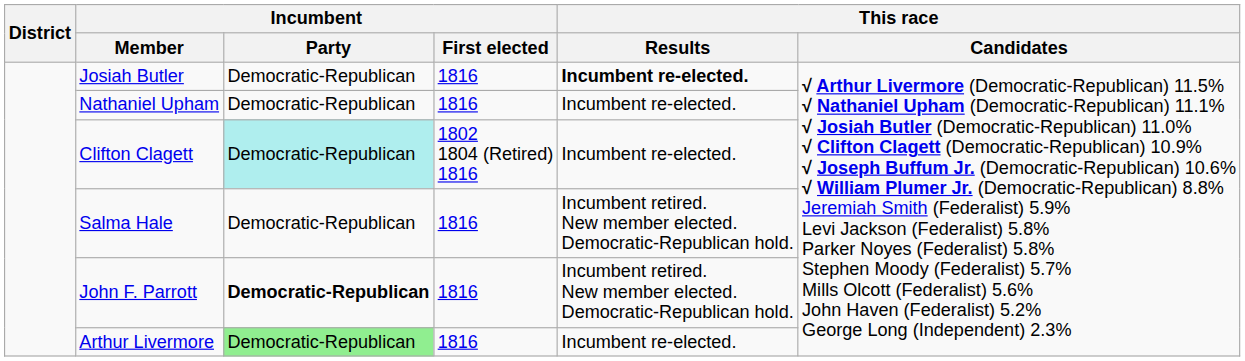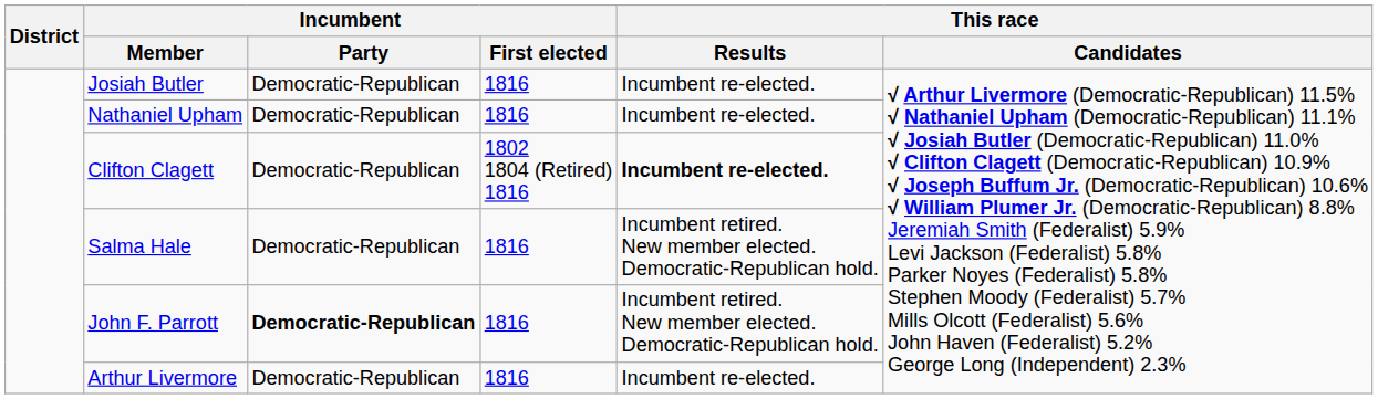 <table class=wikitable>
 <tr>
 <th rowspan=2>District</th>
 <th colspan=3>Incumbent</th>
 <th colspan=2>This race</th>
 </tr>
 <tr>
 <th>Member</th>
 <th>Party</th>
 <th>First elected</th>
 <th>Results</th>
 <th>Candidates</th>
 </tr>
 <tr>
 <td rowspan=6><br></td>
 <td><a href='#'>Josiah Butler</a></td>
 <td>Democratic-Republican</td>
 <td><a href='#'>1816</a></td>
-<td><strong>Incumbent re-elected.</strong></td>
+<td>Incumbent re-elected.</td>
 <td rowspan=6 nowrap><strong>√ <a href='#'>Arthur Livermore</a></strong> (Democratic-Republican) 11.5%<br><strong>√ <a href='#'>Nathaniel Upham</a></strong> (Democratic-Republican) 11.1%<br><strong>√ <a href='#'>Josiah Butler</a></strong> (Democratic-Republican) 11.0%<br><strong>√ <a href='#'>Clifton Clagett</a></strong> (Democratic-Republican) 10.9%<br><strong>√ <a href='#'>Joseph Buffum Jr.</a></strong> (Democratic-Republican) 10.6%<br><strong>√ <a href='#'>William Plumer Jr.</a></strong> (Democratic-Republican) 8.8%<br><a href='#'>Jeremiah Smith</a> (Federalist) 5.9%<br>Levi Jackson (Federalist) 5.8%<br>Parker Noyes (Federalist) 5.8%<br>Stephen Moody (Federalist) 5.7%<br>Mills Olcott (Federalist) 5.6%<br>John Haven (Federalist) 5.2%<br>George Long (Independent) 2.3%</td>
 </tr>
 <tr>
 <td><a href='#'>Nathaniel Upham</a></td>
 <td>Democratic-Republican</td>
 <td><a href='#'>1816</a></td>
 <td>Incumbent re-elected.</td>
 </tr>
 <tr>
 <td><a href='#'>Clifton Clagett</a></td>
-<td style="background: paleturquoise;">Democratic-Republican</td>
+<td>Democratic-Republican</td>
 <td><a href='#'>1802</a><br>1804 (Retired)<br><a href='#'>1816</a></td>
-<td>Incumbent re-elected.</td>
+<td><strong>Incumbent re-elected.</strong></td>
 </tr>
 <tr>
 <td><a href='#'>Salma Hale</a></td>
 <td>Democratic-Republican</td>
 <td><a href='#'>1816</a></td>
 <td>Incumbent retired.<br>New member elected.<br>Democratic-Republican hold.</td>
 </tr>
 <tr>
 <td><a href='#'>John F. Parrott</a></td>
 <td><strong>Democratic-Republican</strong></td>
 <td><a href='#'>1816</a></td>
 <td>Incumbent retired.<br>New member elected.<br>Democratic-Republican hold.</td>
 </tr>
 <tr>
 <td><a href='#'>Arthur Livermore</a></td>
-<td style="background: lightgreen;">Democratic-Republican</td>
+<td>Democratic-Republican</td>
 <td><a href='#'>1816</a></td>
 <td>Incumbent re-elected.</td>
 </tr>
 </table>
